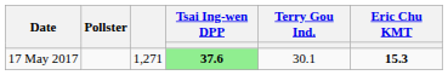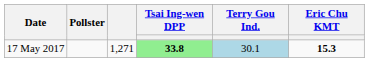 <table class="wikitable sortable collapsible" style="font-size:95%; text-align:center">
 <tr>
 <th rowspan=2>Date</th>
 <th rowspan=2>Pollster</th>
 <th rowspan=2></th>
 <th width=100px><a href='#'>Tsai Ing-wen</a><br><a href='#'>DPP</a></th>
 <th width=100px><a href='#'>Terry Gou</a><br><a href='#'>Ind.</a></th>
 <th width=100px><a href='#'>Eric Chu</a><br><a href='#'>KMT</a></th>
 </tr>
 <tr>
 <th style="background:"></th>
 <th style="background:"></th>
 <th style="background:"></th>
 </tr>
 <tr>
 <td>17 May 2017</td>
 <td></td>
 <td>1,271</td>
-<td style="background-color:lightgreen;"><strong>37.6</strong></td>
-<td>30.1</td>
+<td style="background-color:lightgreen;"><strong>33.8</strong></td>
+<td style="background: lightblue;">30.1</td>
 <td><strong>15.3</strong></td>
 </tr>
 </table>
